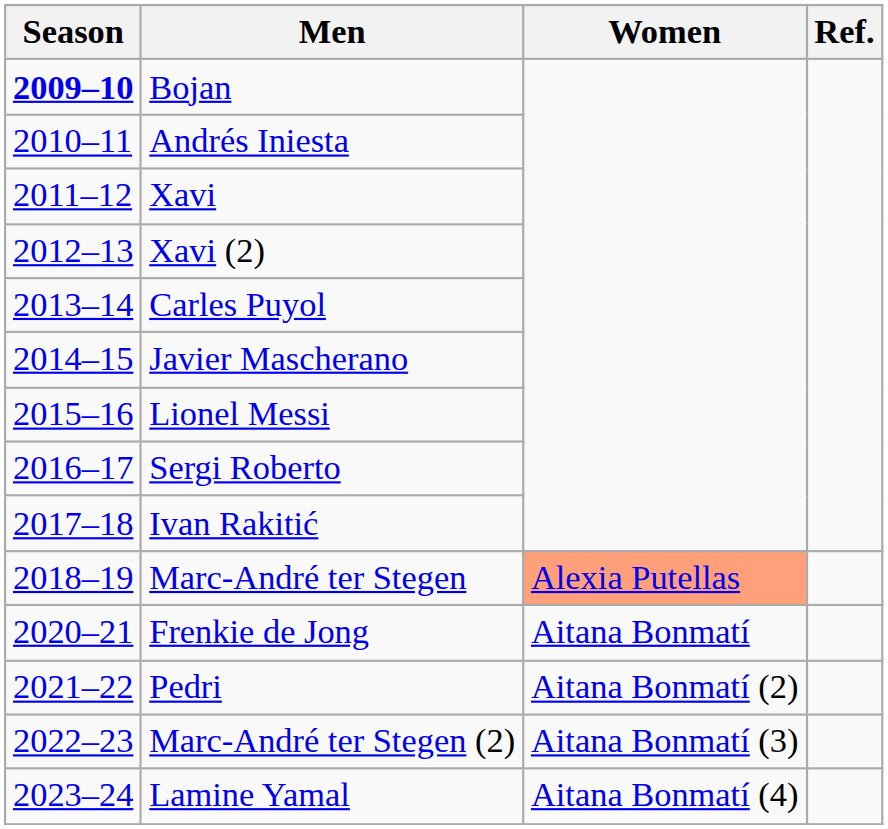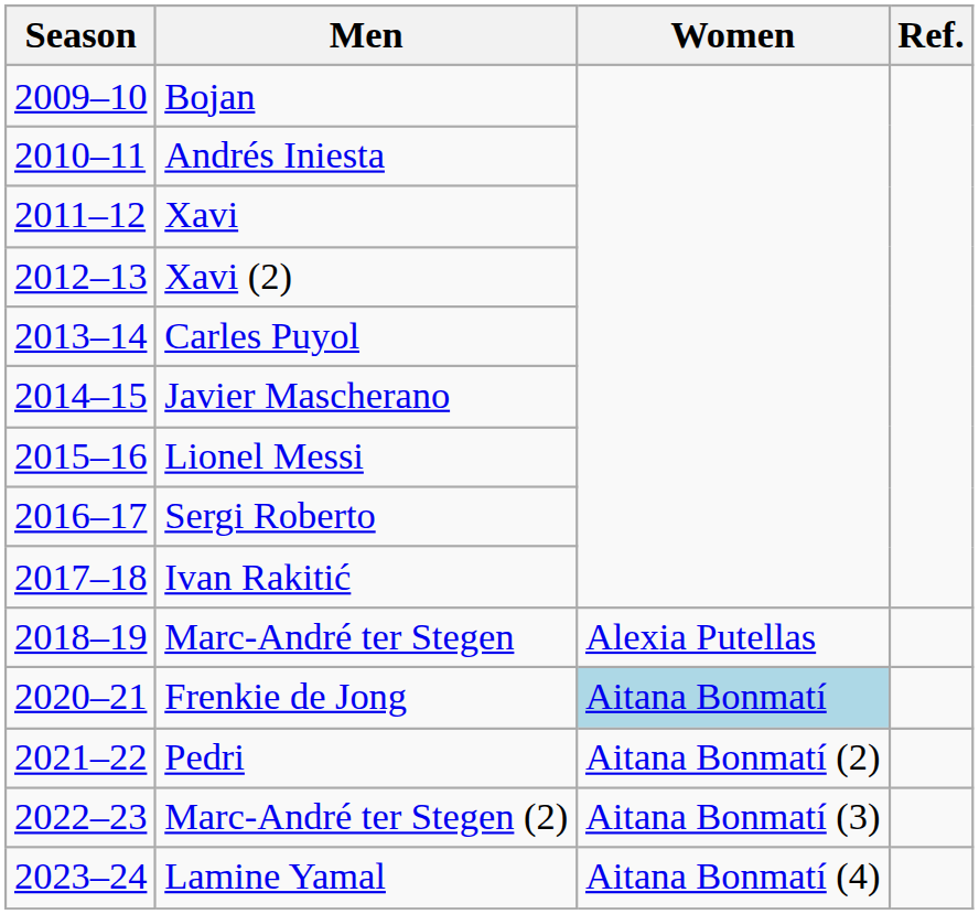 <table class="wikitable">
 <tr>
 <th>Season</th>
 <th>Men</th>
 <th>Women</th>
 <th>Ref.</th>
 </tr>
 <tr>
-<td><strong><a href='#'>2009–10</a></strong></td>
+<td><a href='#'>2009–10</a></td>
 <td> <a href='#'>Bojan</a></td>
 <td rowspan="9"></td>
 <td rowspan="9"></td>
 </tr>
 <tr>
 <td><a href='#'>2010–11</a></td>
 <td> <a href='#'>Andrés Iniesta</a></td>
 </tr>
 <tr>
 <td><a href='#'>2011–12</a></td>
 <td> <a href='#'>Xavi</a></td>
 </tr>
 <tr>
 <td><a href='#'>2012–13</a></td>
 <td> <a href='#'>Xavi</a> (2)</td>
 </tr>
 <tr>
 <td><a href='#'>2013–14</a></td>
 <td> <a href='#'>Carles Puyol</a></td>
 </tr>
 <tr>
 <td><a href='#'>2014–15</a></td>
 <td> <a href='#'>Javier Mascherano</a></td>
 </tr>
 <tr>
 <td><a href='#'>2015–16</a></td>
 <td> <a href='#'>Lionel Messi</a></td>
 </tr>
 <tr>
 <td><a href='#'>2016–17</a></td>
 <td> <a href='#'>Sergi Roberto</a></td>
 </tr>
 <tr>
 <td><a href='#'>2017–18</a></td>
 <td> <a href='#'>Ivan Rakitić</a></td>
 </tr>
 <tr>
 <td><a href='#'>2018–19</a></td>
 <td> <a href='#'>Marc-André ter Stegen</a></td>
-<td style="background: lightsalmon;"> <a href='#'>Alexia Putellas</a></td>
+<td> <a href='#'>Alexia Putellas</a></td>
 <td></td>
 </tr>
 <tr>
 <td><a href='#'>2020–21</a></td>
 <td> <a href='#'>Frenkie de Jong</a></td>
-<td> <a href='#'>Aitana Bonmatí</a></td>
+<td style="background: lightblue;"> <a href='#'>Aitana Bonmatí</a></td>
 <td></td>
 </tr>
 <tr>
 <td><a href='#'>2021–22</a></td>
 <td> <a href='#'>Pedri</a></td>
 <td> <a href='#'>Aitana Bonmatí</a> (2)</td>
 <td></td>
 </tr>
 <tr>
 <td><a href='#'>2022–23</a></td>
 <td> <a href='#'>Marc-André ter Stegen</a> (2)</td>
 <td> <a href='#'>Aitana Bonmatí</a> (3)</td>
 <td></td>
 </tr>
 <tr>
 <td><a href='#'>2023–24</a></td>
 <td> <a href='#'>Lamine Yamal</a></td>
 <td> <a href='#'>Aitana Bonmatí</a> (4)</td>
 <td></td>
 </tr>
 </table>
